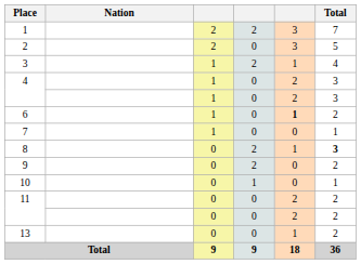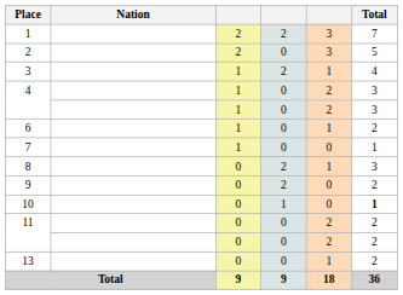 <table class=wikitable style="border:1px solid #AAAAAA;font-size:90%">
 <tr bgcolor="#EFEFEF">
 <th width=50>Place</th>
 <th width=200>Nation</th>
 <th width=50></th>
 <th width=50></th>
 <th width=50></th>
 <th width=50>Total</th>
 </tr>
 <tr align="center" valign="top" bgcolor="#FFFFFF">
 <td>1</td>
 <td align="left"></td>
 <td style="background:#F7F6A8;">2</td>
 <td style="background:#DCE5E5;">2</td>
 <td style="background:#FFDAB9;">3</td>
 <td>7</td>
 </tr>
 <tr align="center" valign="top" bgcolor="#FFFFFF">
 <td>2</td>
 <td align="left"></td>
 <td style="background:#F7F6A8;">2</td>
 <td style="background:#DCE5E5;">0</td>
 <td style="background:#FFDAB9;">3</td>
 <td>5</td>
 </tr>
 <tr align="center" valign="top" bgcolor="#FFFFFF">
 <td>3</td>
 <td align="left"></td>
 <td style="background:#F7F6A8;">1</td>
 <td style="background:#DCE5E5;">2</td>
 <td style="background:#FFDAB9;">1</td>
 <td>4</td>
 </tr>
 <tr align="center" valign="top" bgcolor="#FFFFFF">
 <td rowspan="2" valign="center">4</td>
 <td align="left"></td>
 <td style="background:#F7F6A8;">1</td>
 <td style="background:#DCE5E5;">0</td>
 <td style="background:#FFDAB9;">2</td>
 <td>3</td>
 </tr>
 <tr align="center" valign="top" bgcolor="#FFFFFF">
 <td align="left"></td>
 <td style="background:#F7F6A8;">1</td>
 <td style="background:#DCE5E5;">0</td>
 <td style="background:#FFDAB9;">2</td>
 <td>3</td>
 </tr>
 <tr align="center" valign="top" bgcolor="#FFFFFF">
 <td>6</td>
 <td align="left"></td>
 <td style="background:#F7F6A8;">1</td>
 <td style="background:#DCE5E5;">0</td>
-<td style="background:#FFDAB9;"><strong>1</strong></td>
+<td style="background:#FFDAB9;">1</td>
 <td>2</td>
 </tr>
 <tr align="center" valign="top" bgcolor="#FFFFFF">
 <td>7</td>
 <td align="left"></td>
 <td style="background:#F7F6A8;">1</td>
 <td style="background:#DCE5E5;">0</td>
 <td style="background:#FFDAB9;">0</td>
 <td>1</td>
 </tr>
 <tr align="center" valign="top" bgcolor="#FFFFFF">
 <td>8</td>
 <td align="left"></td>
 <td style="background:#F7F6A8;">0</td>
 <td style="background:#DCE5E5;">2</td>
 <td style="background:#FFDAB9;">1</td>
-<td><strong>3</strong></td>
+<td>3</td>
 </tr>
 <tr align="center" valign="top" bgcolor="#FFFFFF">
 <td>9</td>
 <td align="left"></td>
 <td style="background:#F7F6A8;">0</td>
 <td style="background:#DCE5E5;">2</td>
 <td style="background:#FFDAB9;">0</td>
 <td>2</td>
 </tr>
 <tr align="center" valign="top" bgcolor="#FFFFFF">
 <td>10</td>
 <td align="left"></td>
 <td style="background:#F7F6A8;">0</td>
 <td style="background:#DCE5E5;">1</td>
 <td style="background:#FFDAB9;">0</td>
-<td>1</td>
+<td><strong>1</strong></td>
 </tr>
 <tr align="center" valign="top" bgcolor="#FFFFFF">
 <td rowspan="2" valign="center">11</td>
 <td align="left"></td>
 <td style="background:#F7F6A8;">0</td>
 <td style="background:#DCE5E5;">0</td>
 <td style="background:#FFDAB9;">2</td>
 <td>2</td>
 </tr>
 <tr align="center" valign="top" bgcolor="#FFFFFF">
 <td align="left"></td>
 <td style="background:#F7F6A8;">0</td>
 <td style="background:#DCE5E5;">0</td>
 <td style="background:#FFDAB9;">2</td>
 <td>2</td>
 </tr>
 <tr align="center" valign="top" bgcolor="#FFFFFF">
 <td>13</td>
 <td align="left"></td>
 <td style="background:#F7F6A8;">0</td>
 <td style="background:#DCE5E5;">0</td>
 <td style="background:#FFDAB9;">1</td>
 <td>2</td>
 </tr>
 <tr align="center">
 <td colspan="2" bgcolor=D3D3D3><strong>Total</strong></td>
 <td style="background:#F7F6A8;"><strong>9</strong></td>
 <td style="background:#DCE5E5;"><strong>9</strong></td>
 <td style="background:#FFDAB9;"><strong>18</strong></td>
 <td bgcolor=D3D3D3><strong>36</strong></td>
 </tr>
 </table>
